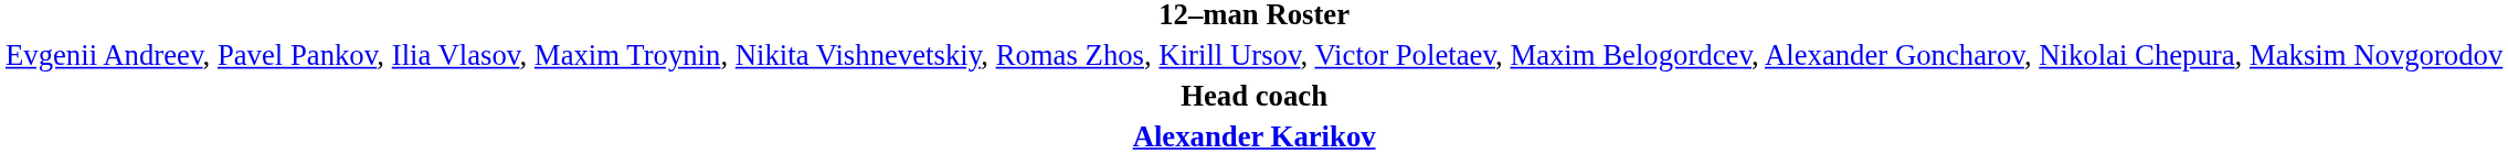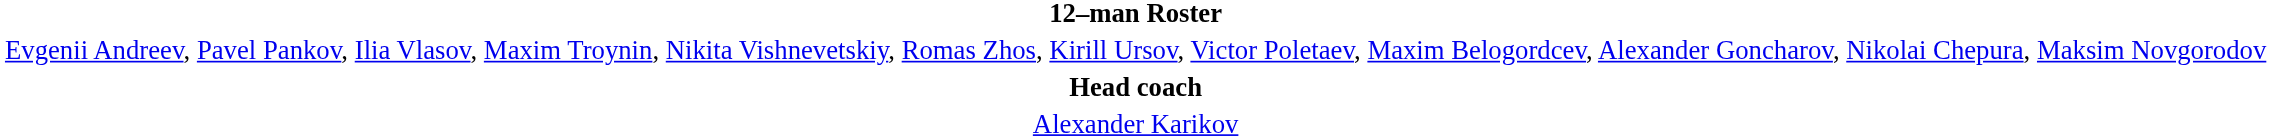 <table style="text-align: center; margin-top: 2em; margin-left: auto; margin-right: auto">
 <tr>
 <td><strong>12–man Roster</strong></td>
 </tr>
 <tr>
 <td><a href='#'>Evgenii Andreev</a>, <a href='#'>Pavel Pankov</a>, <a href='#'>Ilia Vlasov</a>, <a href='#'>Maxim Troynin</a>, <a href='#'>Nikita Vishnevetskiy</a>, <a href='#'>Romas Zhos</a>, <a href='#'>Kirill Ursov</a>, <a href='#'>Victor Poletaev</a>, <a href='#'>Maxim Belogordcev</a>, <a href='#'>Alexander Goncharov</a>, <a href='#'>Nikolai Chepura</a>, <a href='#'>Maksim Novgorodov</a></td>
 </tr>
 <tr>
 <td><strong>Head coach</strong></td>
 </tr>
 <tr>
-<td><strong><a href='#'>Alexander Karikov</a></strong></td>
+<td><a href='#'>Alexander Karikov</a></td>
 </tr>
 </table>
